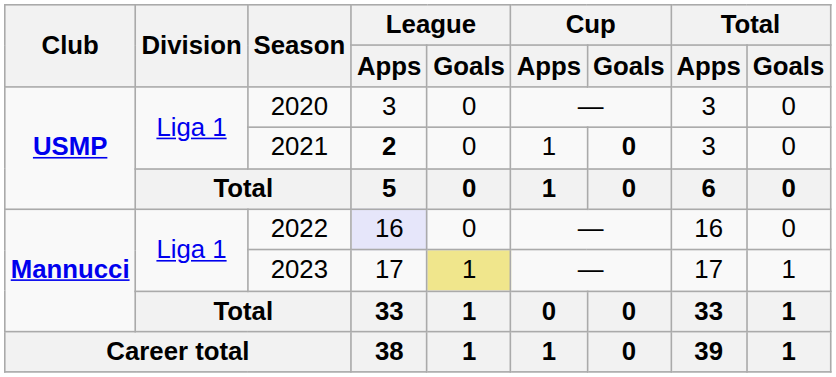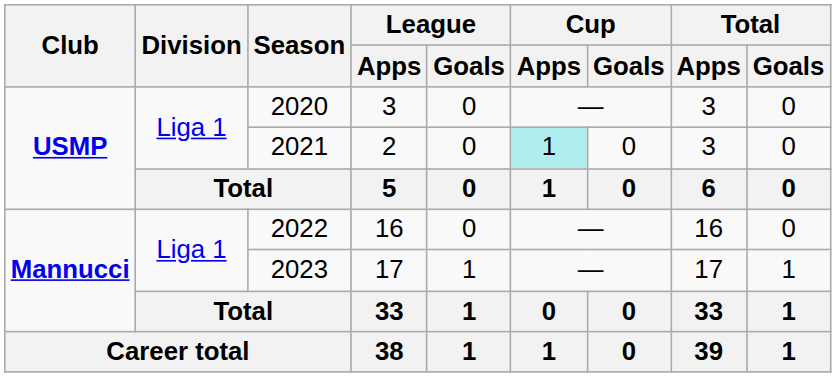 <table class="wikitable center" style="text-align:center">
 <tr>
 <th rowspan="2">Club</th>
 <th rowspan="2">Division</th>
 <th rowspan="2">Season</th>
 <th colspan="2">League</th>
 <th colspan="2">Cup</th>
 <th colspan="2">Total</th>
 </tr>
 <tr>
 <th>Apps</th>
 <th>Goals</th>
 <th>Apps</th>
 <th>Goals</th>
 <th>Apps</th>
 <th>Goals</th>
 </tr>
 <tr>
 <td rowspan="3"><strong><a href='#'>USMP</a></strong></td>
 <td rowspan="2"><a href='#'>Liga 1</a></td>
 <td>2020</td>
 <td>3</td>
 <td>0</td>
 <td colspan="2">—</td>
 <td>3</td>
 <td>0</td>
 </tr>
 <tr>
 <td>2021</td>
-<td><strong>2</strong></td>
+<td>2</td>
 <td>0</td>
-<td>1</td>
-<td><strong>0</strong></td>
+<td style="background: paleturquoise;">1</td>
+<td>0</td>
 <td>3</td>
 <td>0</td>
 </tr>
 <tr>
 <th colspan="2">Total</th>
 <th>5</th>
 <th>0</th>
 <th>1</th>
 <th>0</th>
 <th>6</th>
 <th>0</th>
 </tr>
 <tr>
 <td rowspan="3"><strong><a href='#'>Mannucci</a></strong></td>
 <td rowspan="2"><a href='#'>Liga 1</a></td>
 <td>2022</td>
-<td style="background: lavender;">16</td>
+<td>16</td>
 <td>0</td>
 <td colspan="2">—</td>
 <td>16</td>
 <td>0</td>
 </tr>
 <tr>
 <td>2023</td>
 <td>17</td>
-<td style="background: khaki;">1</td>
+<td>1</td>
 <td colspan="2">—</td>
 <td>17</td>
 <td>1</td>
 </tr>
 <tr>
 <th colspan="2">Total</th>
 <th>33</th>
 <th>1</th>
 <th>0</th>
 <th>0</th>
 <th>33</th>
 <th>1</th>
 </tr>
 <tr>
 <th colspan="3">Career total</th>
 <th>38</th>
 <th>1</th>
 <th>1</th>
 <th>0</th>
 <th>39</th>
 <th>1</th>
 </tr>
 </table>
